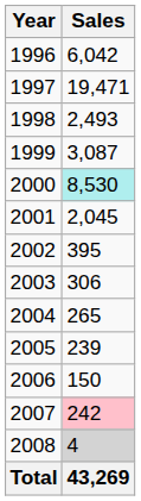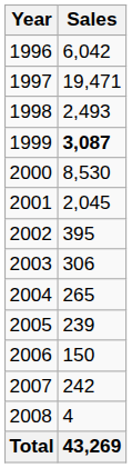 <table class="wikitable">
 <tr>
 <th>Year</th>
 <th>Sales</th>
 </tr>
 <tr>
 <td>1996</td>
 <td>6,042</td>
 </tr>
 <tr>
 <td>1997</td>
 <td>19,471</td>
 </tr>
 <tr>
 <td>1998</td>
 <td>2,493</td>
 </tr>
 <tr>
 <td>1999</td>
-<td>3,087</td>
+<td><strong>3,087</strong></td>
 </tr>
 <tr>
 <td>2000</td>
-<td style="background: paleturquoise;">8,530</td>
+<td>8,530</td>
 </tr>
 <tr>
 <td>2001</td>
 <td>2,045</td>
 </tr>
 <tr>
 <td>2002</td>
 <td>395</td>
 </tr>
 <tr>
 <td>2003</td>
 <td>306</td>
 </tr>
 <tr>
 <td>2004</td>
 <td>265</td>
 </tr>
 <tr>
 <td>2005</td>
 <td>239</td>
 </tr>
 <tr>
 <td>2006</td>
 <td>150</td>
 </tr>
 <tr>
 <td>2007</td>
-<td style="background: pink;">242</td>
+<td>242</td>
 </tr>
 <tr>
 <td>2008</td>
-<td style="background: lightgrey;">4</td>
+<td>4</td>
 </tr>
 <tr>
 <th>Total</th>
 <th>43,269</th>
 </tr>
 </table>
